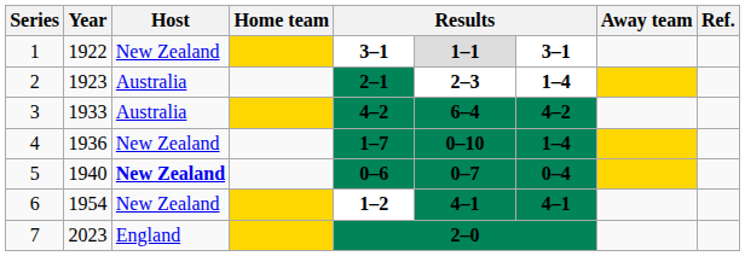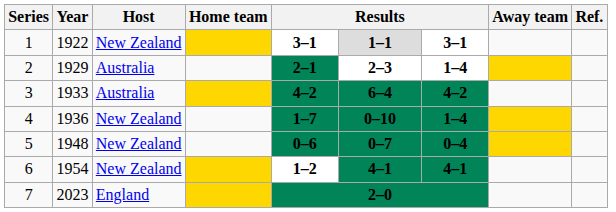 <table class="wikitable" style="text-align: center;">
 <tr>
 <th width:50px>Series</th>
 <th width:50px>Year</th>
 <th>Host</th>
 <th>Home team</th>
 <th colspan=3 style="width:210px">Results</th>
 <th>Away team</th>
 <th>Ref.</th>
 </tr>
 <tr>
 <td>1</td>
 <td>1922</td>
 <td align=left><a href='#'>New Zealand</a></td>
 <td bgcolor=gold align=right></td>
 <th style="background:#FFF;">3–1</th>
 <th style="background:#DDD;">1–1</th>
 <th style="background:#FFF;">3–1</th>
 <td align=left></td>
 <td></td>
 </tr>
 <tr>
 <td>2</td>
-<td>1923</td>
+<td>1929</td>
 <td align=left><a href='#'>Australia</a></td>
 <td align=right></td>
 <th style="background:#008458;">2–1</th>
 <th style="background:#FFF;">2–3</th>
 <th style="background:#FFF;">1–4</th>
 <td bgcolor=gold align=left></td>
 <td></td>
 </tr>
 <tr>
 <td>3</td>
 <td>1933</td>
 <td align=left><a href='#'>Australia</a></td>
 <td bgcolor=gold align=right></td>
 <th style="background:#008458;">4–2</th>
 <th style="background:#008458;">6–4</th>
 <th style="background:#008458;">4–2</th>
 <td align=left></td>
 <td></td>
 </tr>
 <tr>
 <td>4</td>
 <td>1936</td>
 <td align=left><a href='#'>New Zealand</a></td>
 <td align=right></td>
 <th style="background:#008458;">1–7</th>
 <th style="background:#008458;">0–10</th>
 <th style="background:#008458;">1–4</th>
 <td bgcolor=gold align=left></td>
 <td></td>
 </tr>
 <tr>
 <td>5</td>
-<td>1940</td>
-<td align=left><strong><a href='#'>New Zealand</a></strong></td>
+<td>1948</td>
+<td align=left><a href='#'>New Zealand</a></td>
 <td align=right></td>
 <th style="background:#008458;">0–6</th>
 <th style="background:#008458;">0–7</th>
 <th style="background:#008458;">0–4</th>
 <td bgcolor=gold align=left></td>
 <td></td>
 </tr>
 <tr>
 <td>6</td>
 <td>1954</td>
 <td align=left><a href='#'>New Zealand</a></td>
 <td bgcolor=gold align=right></td>
 <th style="background:#FFF;">1–2</th>
 <th style="background:#008458;">4–1</th>
 <th style="background:#008458;">4–1</th>
 <td align=left></td>
 <td></td>
 </tr>
 <tr>
 <td>7</td>
 <td>2023</td>
 <td align=left><a href='#'>England</a></td>
 <td bgcolor=gold align=right></td>
 <th style="background:#008458;" colspan=3>2–0</th>
 <td align=left></td>
 <td></td>
 </tr>
 </table>
